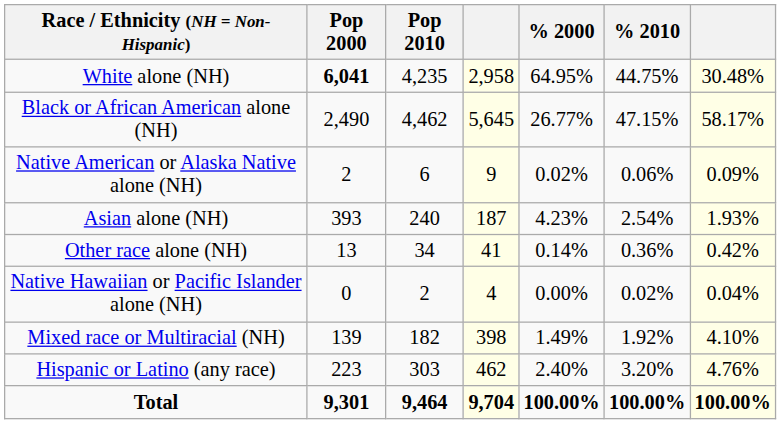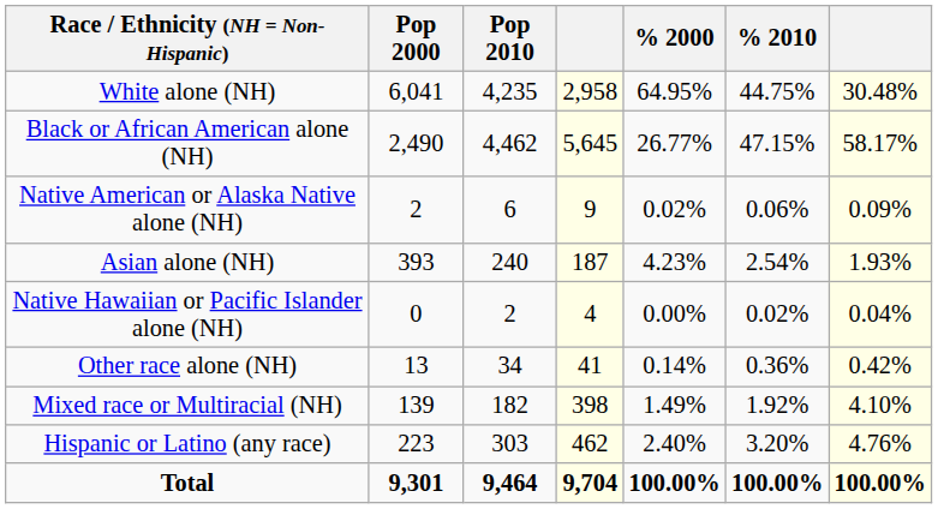 <table class="wikitable" style="text-align:center;">
 <tr>
 <th>Race / Ethnicity <small>(<em>NH = Non-Hispanic</em>)</small></th>
 <th>Pop 2000</th>
 <th>Pop 2010</th>
 <th></th>
 <th>% 2000</th>
 <th>% 2010</th>
 <th></th>
 </tr>
 <tr>
 <td><a href='#'>White</a> alone (NH)</td>
-<td><strong>6,041</strong></td>
+<td>6,041</td>
 <td>4,235</td>
 <td style='background: #ffffe6;'>2,958</td>
 <td>64.95%</td>
 <td>44.75%</td>
 <td style='background: #ffffe6;'>30.48%</td>
 </tr>
 <tr>
 <td><a href='#'>Black or African American</a> alone (NH)</td>
 <td>2,490</td>
 <td>4,462</td>
 <td style='background: #ffffe6;'>5,645</td>
 <td>26.77%</td>
 <td>47.15%</td>
 <td style='background: #ffffe6;'>58.17%</td>
 </tr>
 <tr>
 <td><a href='#'>Native American</a> or <a href='#'>Alaska Native</a> alone (NH)</td>
 <td>2</td>
 <td>6</td>
 <td style='background: #ffffe6;'>9</td>
 <td>0.02%</td>
 <td>0.06%</td>
 <td style='background: #ffffe6;'>0.09%</td>
 </tr>
 <tr>
 <td><a href='#'>Asian</a> alone (NH)</td>
 <td>393</td>
 <td>240</td>
 <td style='background: #ffffe6;'>187</td>
 <td>4.23%</td>
 <td>2.54%</td>
 <td style='background: #ffffe6;'>1.93%</td>
 </tr>
 <tr>
+<td><a href='#'>Native Hawaiian</a> or <a href='#'>Pacific Islander</a> alone (NH)</td>
+<td>0</td>
+<td>2</td>
+<td style='background: #ffffe6;'>4</td>
+<td>0.00%</td>
+<td>0.02%</td>
+<td style='background: #ffffe6;'>0.04%</td>
+</tr>
+<tr>
 <td><a href='#'>Other race</a> alone (NH)</td>
 <td>13</td>
 <td>34</td>
 <td style='background: #ffffe6;'>41</td>
 <td>0.14%</td>
 <td>0.36%</td>
 <td style='background: #ffffe6;'>0.42%</td>
-</tr>
-<tr>
-<td><a href='#'>Native Hawaiian</a> or <a href='#'>Pacific Islander</a> alone (NH)</td>
-<td>0</td>
-<td>2</td>
-<td style='background: #ffffe6;'>4</td>
-<td>0.00%</td>
-<td>0.02%</td>
-<td style='background: #ffffe6;'>0.04%</td>
 </tr>
 <tr>
 <td><a href='#'>Mixed race or Multiracial</a> (NH)</td>
 <td>139</td>
 <td>182</td>
 <td style='background: #ffffe6;'>398</td>
 <td>1.49%</td>
 <td>1.92%</td>
 <td style='background: #ffffe6;'>4.10%</td>
 </tr>
 <tr>
 <td><a href='#'>Hispanic or Latino</a> (any race)</td>
 <td>223</td>
 <td>303</td>
 <td style='background: #ffffe6;'>462</td>
 <td>2.40%</td>
 <td>3.20%</td>
 <td style='background: #ffffe6;'>4.76%</td>
 </tr>
 <tr>
 <td><strong>Total</strong></td>
 <td><strong>9,301</strong></td>
 <td><strong>9,464</strong></td>
 <td style='background: #ffffe6;'><strong>9,704</strong></td>
 <td><strong>100.00%</strong></td>
 <td><strong>100.00%</strong></td>
 <td style='background: #ffffe6;'><strong>100.00%</strong></td>
 </tr>
 </table>
